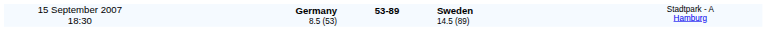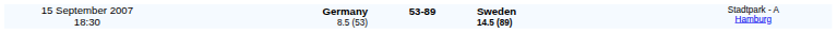 <table style="width: 100%; background:#F5FAFF;" cellspacing="0">
 <tr>
 <td align=center rowspan=3 width=20%>15 September 2007<br>18:30</td>
 </tr>
 <tr>
 <td width=24% align=right><strong>Germany</strong></td>
 <td align=center width=13%><strong>53-89</strong></td>
 <td width=24%><strong>Sweden</strong></td>
 <td style=font-size:85% rowspan=3 valign=top align=center>Stadtpark - A <br><a href='#'>Hamburg</a></td>
 </tr>
 <tr style=font-size:85%>
 <td align=right>8.5 (53)</td>
 <td align=center></td>
-<td>14.5 (89)</td>
+<td><strong>14.5 (89)</strong></td>
 </tr>
 </table>
